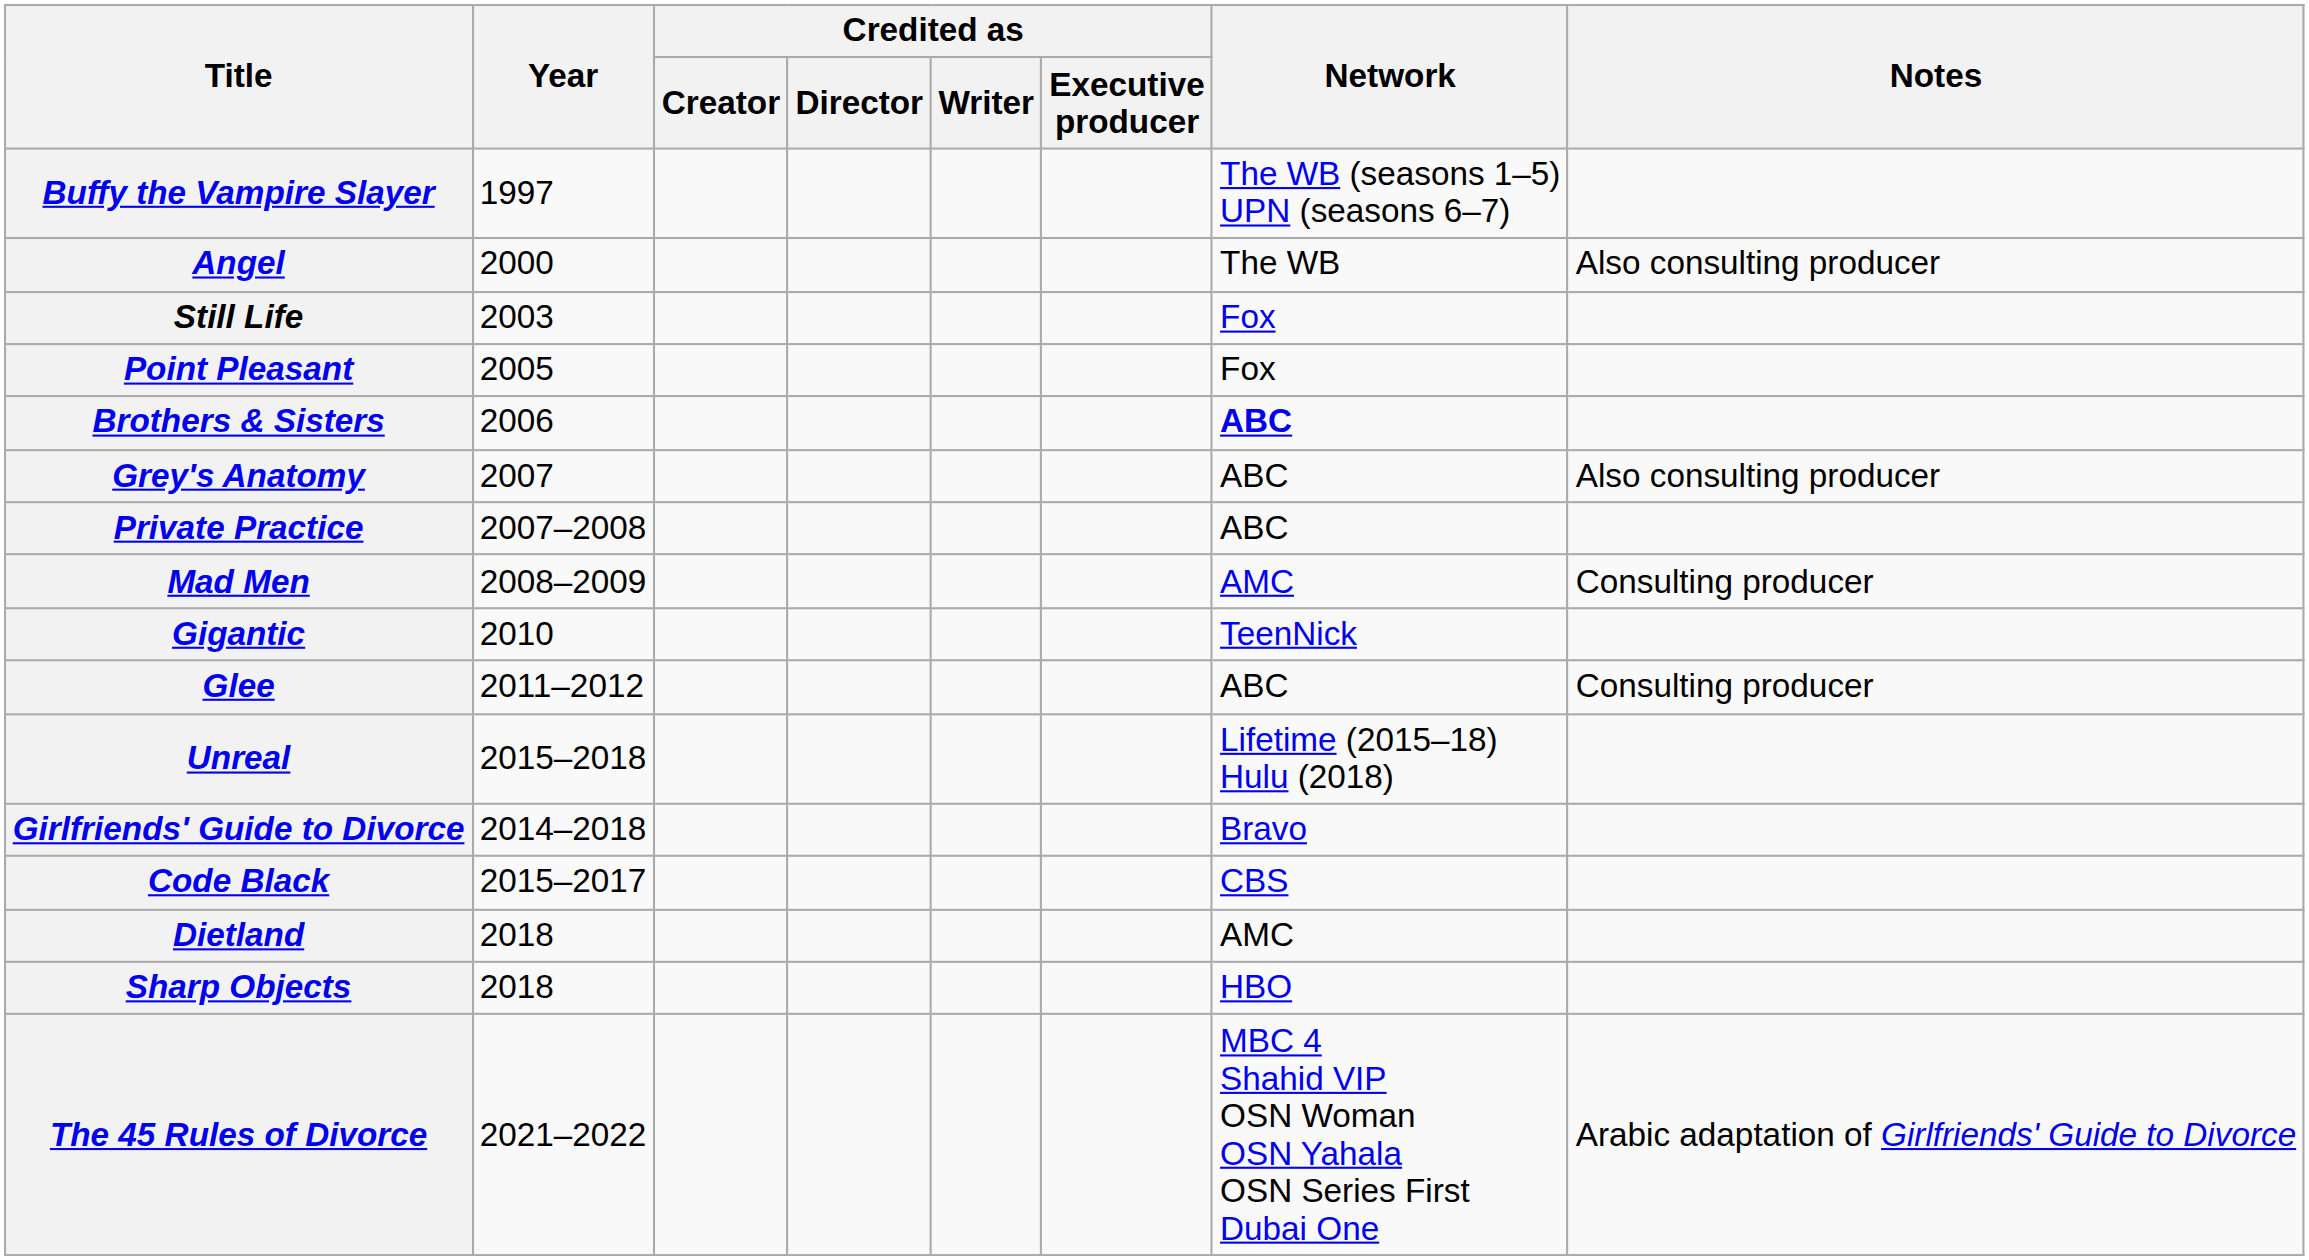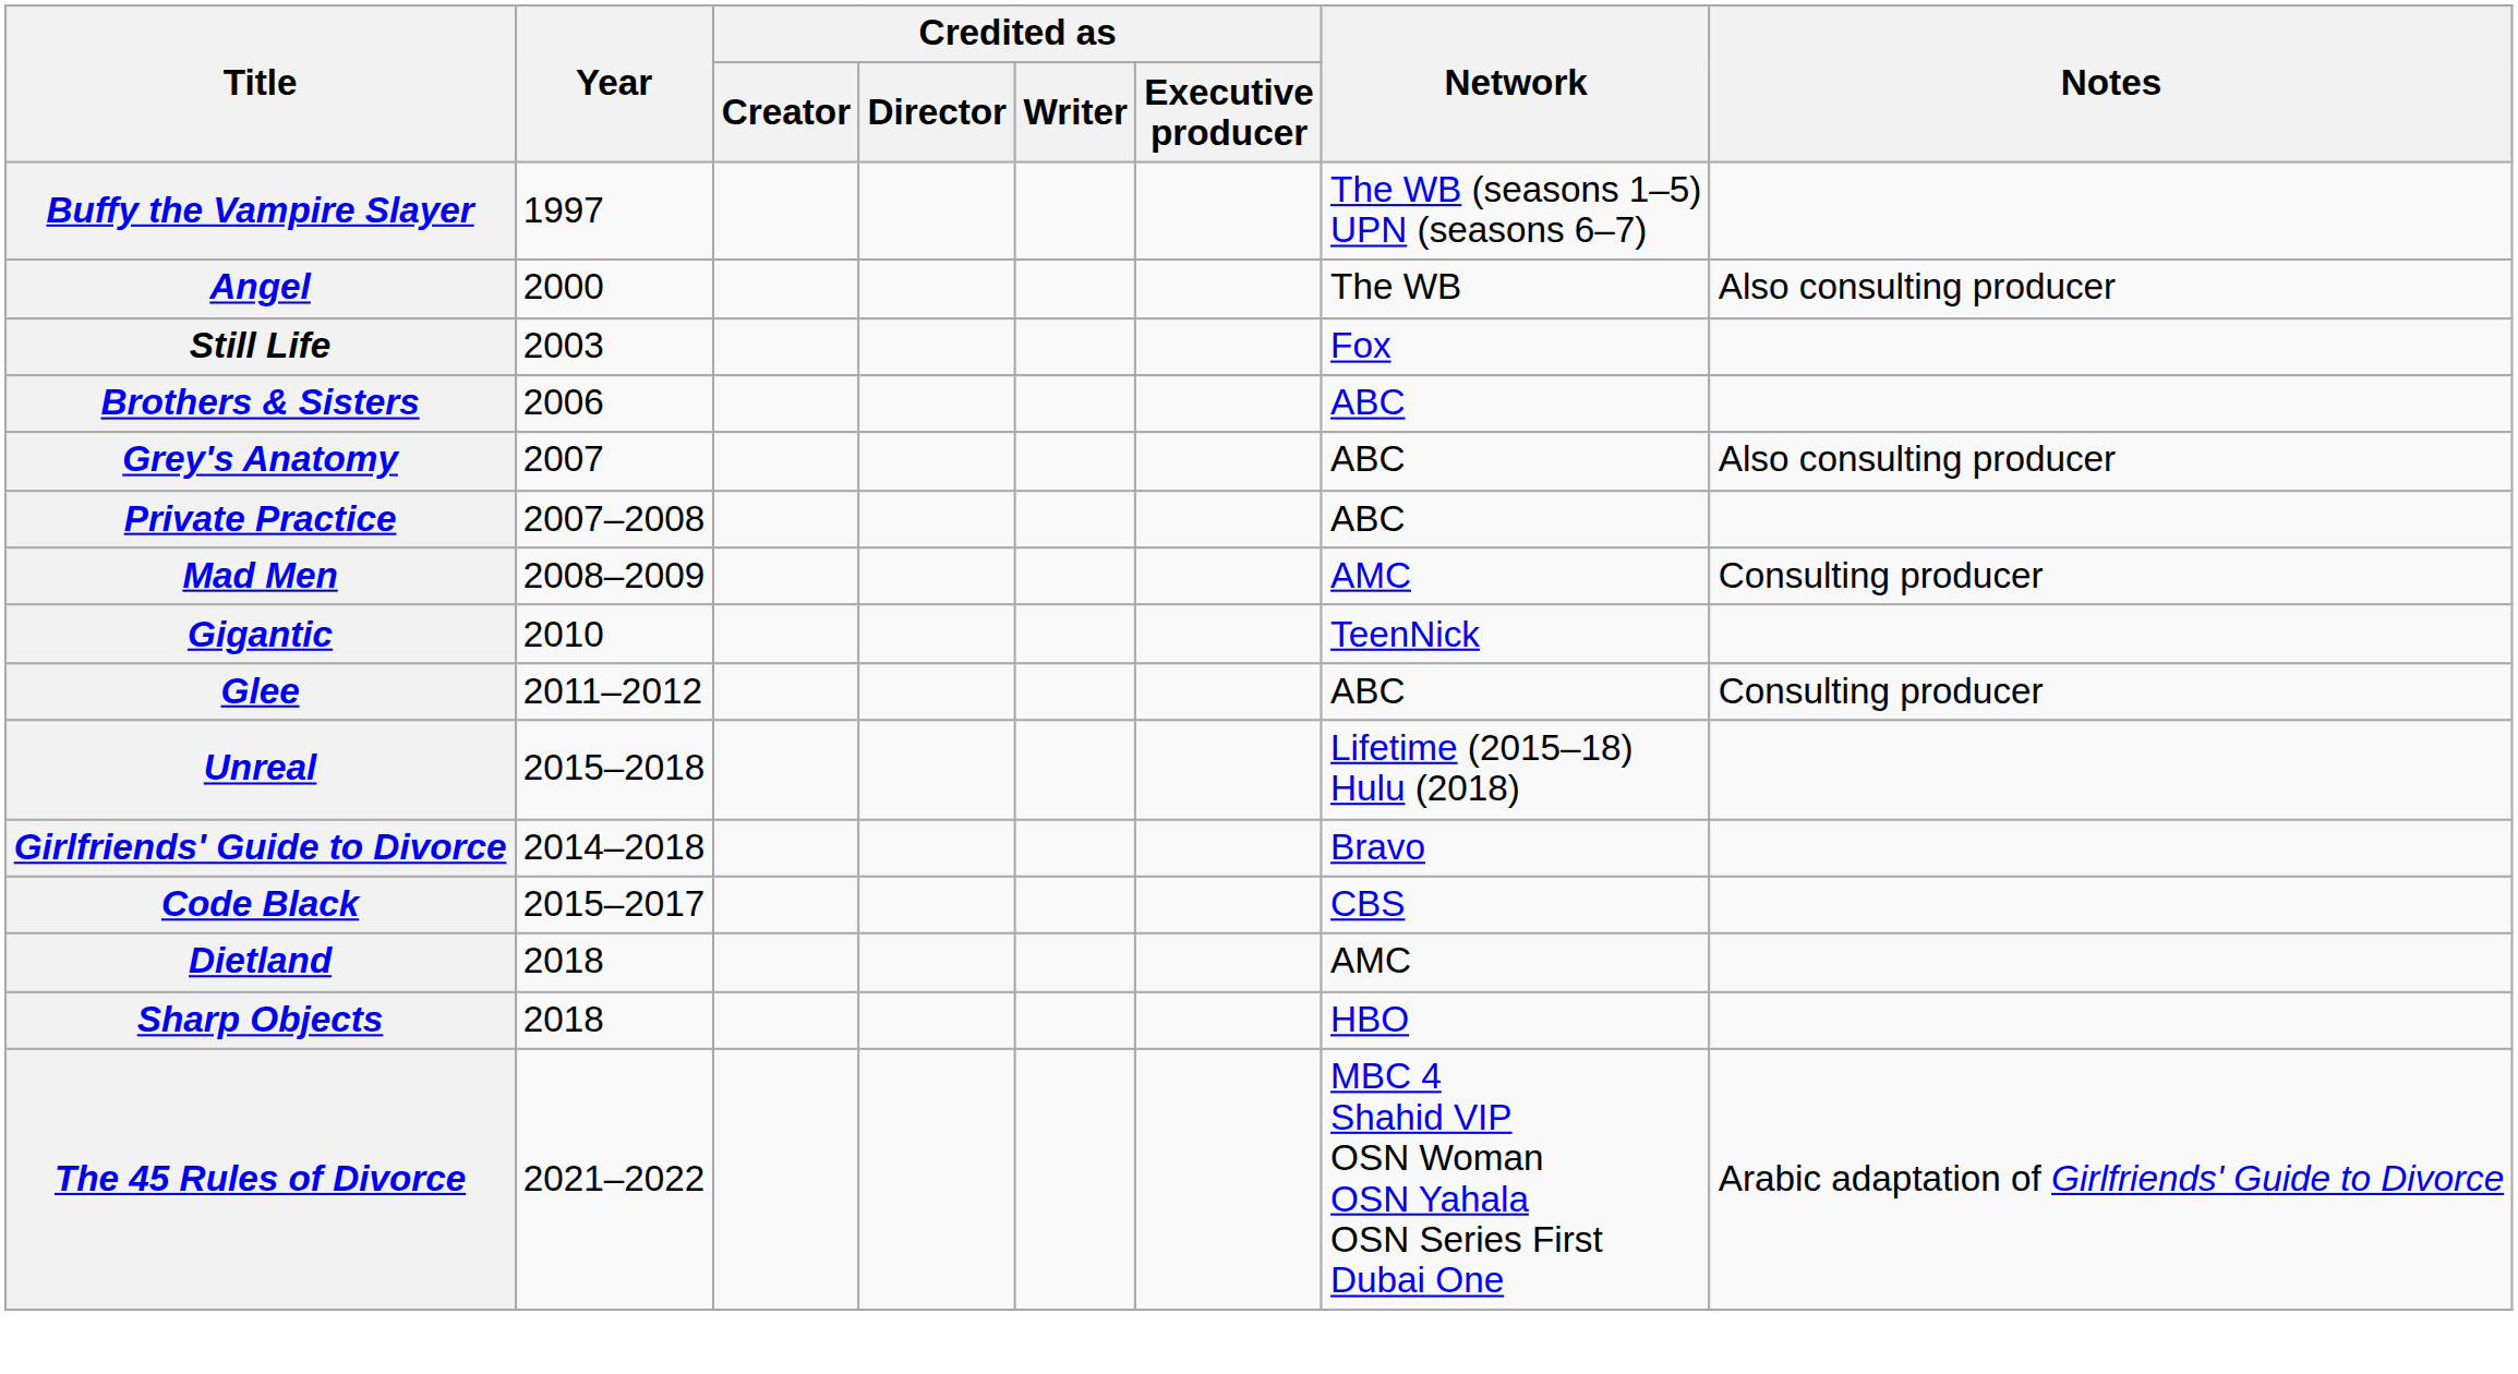 <table class="wikitable plainrowheaders sortable">
 <tr>
 <th rowspan="2" scope="col">Title</th>
 <th rowspan="2" scope="col">Year</th>
 <th colspan="4" scope="col">Credited as</th>
 <th rowspan="2" scope="col">Network</th>
 <th rowspan="2" scope="col" class="unsortable">Notes</th>
 </tr>
 <tr>
 <th>Creator</th>
 <th>Director</th>
 <th>Writer</th>
 <th>Executive<br>producer</th>
 </tr>
 <tr>
 <th scope=row><em><a href='#'>Buffy the Vampire Slayer</a></em></th>
 <td>1997</td>
 <td></td>
 <td></td>
 <td></td>
 <td></td>
 <td><a href='#'>The WB</a> (seasons 1–5)<br><a href='#'>UPN</a> (seasons 6–7)</td>
 <td></td>
 </tr>
 <tr>
 <th scope=row><em><a href='#'>Angel</a></em></th>
 <td>2000</td>
 <td></td>
 <td></td>
 <td></td>
 <td></td>
 <td>The WB</td>
 <td>Also consulting producer</td>
 </tr>
 <tr>
 <th scope=row><em>Still Life</em></th>
 <td>2003</td>
 <td></td>
 <td></td>
 <td></td>
 <td></td>
 <td><a href='#'>Fox</a></td>
 <td></td>
 </tr>
 <tr>
-<th scope=row><em><a href='#'>Point Pleasant</a></em></th>
-<td>2005</td>
-<td></td>
-<td></td>
-<td></td>
-<td></td>
-<td>Fox</td>
-<td></td>
-</tr>
-<tr>
 <th scope=row><em><a href='#'>Brothers & Sisters</a></em></th>
 <td>2006</td>
 <td></td>
 <td></td>
 <td></td>
 <td></td>
-<td><strong><a href='#'>ABC</a></strong></td>
+<td><a href='#'>ABC</a></td>
 <td></td>
 </tr>
 <tr>
 <th scope=row><em><a href='#'>Grey's Anatomy</a></em></th>
 <td>2007</td>
 <td></td>
 <td></td>
 <td></td>
 <td></td>
 <td>ABC</td>
 <td>Also consulting producer</td>
 </tr>
 <tr>
 <th scope=row><em><a href='#'>Private Practice</a></em></th>
 <td>2007–2008</td>
 <td></td>
 <td></td>
 <td></td>
 <td></td>
 <td>ABC</td>
 <td></td>
 </tr>
 <tr>
 <th scope=row><em><a href='#'>Mad Men</a></em></th>
 <td>2008–2009</td>
 <td></td>
 <td></td>
 <td></td>
 <td></td>
 <td><a href='#'>AMC</a></td>
 <td>Consulting producer</td>
 </tr>
 <tr>
 <th scope=row><em><a href='#'>Gigantic</a></em></th>
 <td>2010</td>
 <td></td>
 <td></td>
 <td></td>
 <td></td>
 <td><a href='#'>TeenNick</a></td>
 <td></td>
 </tr>
 <tr>
 <th scope=row><em><a href='#'>Glee</a></em></th>
 <td>2011–2012</td>
 <td></td>
 <td></td>
 <td></td>
 <td></td>
 <td>ABC</td>
 <td>Consulting producer</td>
 </tr>
 <tr>
 <th scope=row><em><a href='#'>Unreal</a></em></th>
 <td>2015–2018</td>
 <td></td>
 <td></td>
 <td></td>
 <td></td>
 <td><a href='#'>Lifetime</a> (2015–18)<br><a href='#'>Hulu</a> (2018)</td>
 <td></td>
 </tr>
 <tr>
 <th scope=row><em><a href='#'>Girlfriends' Guide to Divorce</a></em></th>
 <td>2014–2018</td>
 <td></td>
 <td></td>
 <td></td>
 <td></td>
 <td><a href='#'>Bravo</a></td>
 <td></td>
 </tr>
 <tr>
 <th scope=row><em><a href='#'>  Code Black</a></em></th>
 <td>2015–2017</td>
 <td></td>
 <td></td>
 <td></td>
 <td></td>
 <td><a href='#'>CBS</a></td>
 <td></td>
 </tr>
 <tr>
 <th scope=row><em><a href='#'>Dietland</a></em></th>
 <td>2018</td>
 <td></td>
 <td></td>
 <td></td>
 <td></td>
 <td>AMC</td>
 <td></td>
 </tr>
 <tr>
 <th scope=row><em><a href='#'>Sharp Objects</a></em></th>
 <td>2018</td>
 <td></td>
 <td></td>
 <td></td>
 <td></td>
 <td><a href='#'>HBO</a></td>
 <td></td>
 </tr>
 <tr>
 <th scope=row><em><a href='#'>The 45 Rules of Divorce</a></em></th>
 <td>2021–2022</td>
 <td></td>
 <td></td>
 <td></td>
 <td></td>
 <td><a href='#'>MBC 4</a><br><a href='#'>Shahid VIP</a><br>OSN Woman<br><a href='#'>OSN Yahala</a><br>OSN Series First<br><a href='#'>Dubai One</a></td>
 <td>Arabic adaptation of <em><a href='#'>Girlfriends' Guide to Divorce</a></em></td>
 </tr>
 </table>
